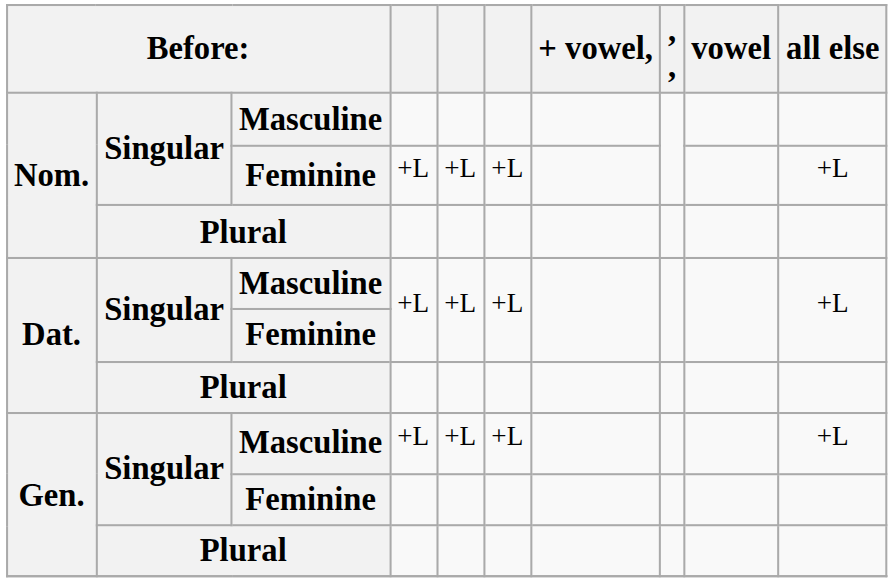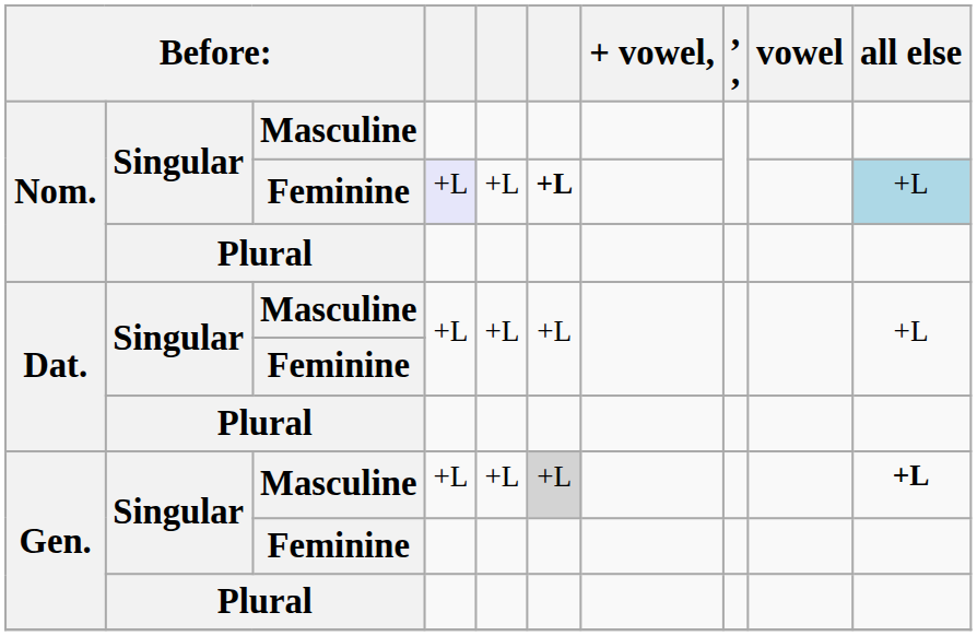 <table class="wikitable" style="margin: 1em auto 1em auto; text-align: center">
 <tr style="text-align: center">
 <th colspan="3">Before:</th>
 <th></th>
 <th></th>
 <th></th>
 <th> + vowel,<br></th>
 <th>,<br>,<br></th>
 <th>vowel</th>
 <th>all else</th>
 </tr>
 <tr>
 <th rowspan="3">Nom.</th>
 <th rowspan="2">Singular</th>
 <th>Masculine</th>
 <td></td>
 <td></td>
 <td></td>
 <td></td>
 <td rowspan="2"></td>
 <td></td>
 <td></td>
 </tr>
 <tr>
 <th>Feminine</th>
+<td style="background: lavender;"><sup>+L</sup></td>
 <td><sup>+L</sup></td>
-<td><sup>+L</sup></td>
-<td><sup>+L</sup></td>
+<td><strong><sup>+L</sup></strong></td>
 <td></td>
 <td></td>
-<td><sup>+L</sup></td>
+<td style="background: lightblue;"><sup>+L</sup></td>
 </tr>
 <tr>
 <th colspan="2">Plural</th>
 <td></td>
 <td></td>
 <td></td>
 <td></td>
 <td></td>
 <td></td>
 <td></td>
 </tr>
 <tr>
 <th rowspan="3">Dat.</th>
 <th rowspan="2">Singular</th>
 <th>Masculine</th>
 <td rowspan="2"><sup>+L</sup></td>
 <td rowspan="2"><sup>+L</sup></td>
 <td rowspan="2"><sup>+L</sup></td>
 <td rowspan="2"></td>
 <td rowspan="2"></td>
 <td rowspan="2"></td>
 <td rowspan="2"><sup>+L</sup></td>
 </tr>
 <tr>
 <th>Feminine</th>
 </tr>
 <tr>
 <th colspan="2">Plural</th>
 <td></td>
 <td></td>
 <td></td>
 <td></td>
 <td></td>
 <td></td>
 <td></td>
 </tr>
 <tr>
 <th rowspan="3">Gen.</th>
 <th rowspan="2">Singular</th>
 <th>Masculine</th>
 <td><sup>+L</sup></td>
 <td><sup>+L</sup></td>
-<td><sup>+L</sup></td>
+<td style="background: lightgrey;"><sup>+L</sup></td>
 <td></td>
 <td></td>
 <td></td>
-<td><sup>+L</sup></td>
+<td><strong><sup>+L</sup></strong></td>
 </tr>
 <tr>
 <th>Feminine</th>
 <td></td>
 <td></td>
 <td></td>
 <td></td>
 <td></td>
 <td></td>
 <td></td>
 </tr>
 <tr>
 <th colspan="2">Plural</th>
 <td></td>
 <td></td>
 <td></td>
 <td></td>
 <td></td>
 <td></td>
 <td></td>
 </tr>
 <tr>
 </tr>
 </table>
